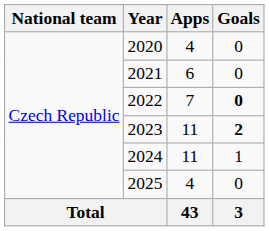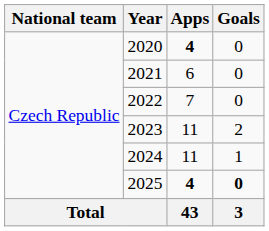 <table class="wikitable" style="text-align:center">
 <tr>
 <th>National team</th>
 <th>Year</th>
 <th>Apps</th>
 <th>Goals</th>
 </tr>
 <tr>
 <td rowspan=6><a href='#'>Czech Republic</a></td>
 <td>2020</td>
-<td>4</td>
+<td><strong>4</strong></td>
 <td>0</td>
 </tr>
 <tr>
 <td>2021</td>
 <td>6</td>
 <td>0</td>
 </tr>
 <tr>
 <td>2022</td>
 <td>7</td>
-<td><strong>0</strong></td>
+<td>0</td>
 </tr>
 <tr>
 <td>2023</td>
 <td>11</td>
-<td><strong>2</strong></td>
+<td>2</td>
 </tr>
 <tr>
 <td>2024</td>
 <td>11</td>
 <td>1</td>
 </tr>
 <tr>
 <td>2025</td>
-<td>4</td>
-<td>0</td>
+<td><strong>4</strong></td>
+<td><strong>0</strong></td>
 </tr>
 <tr>
 <th colspan=2>Total</th>
 <th>43</th>
 <th>3</th>
 </tr>
 </table>
